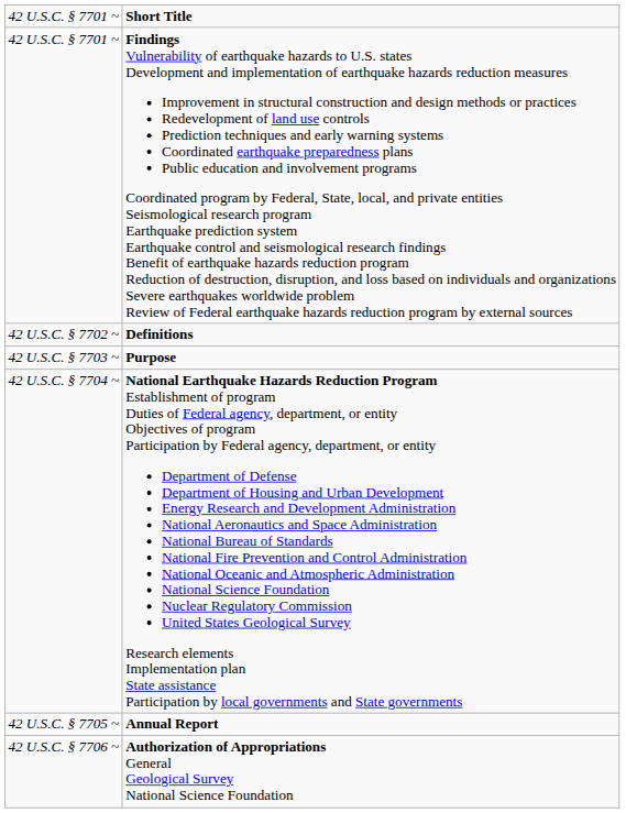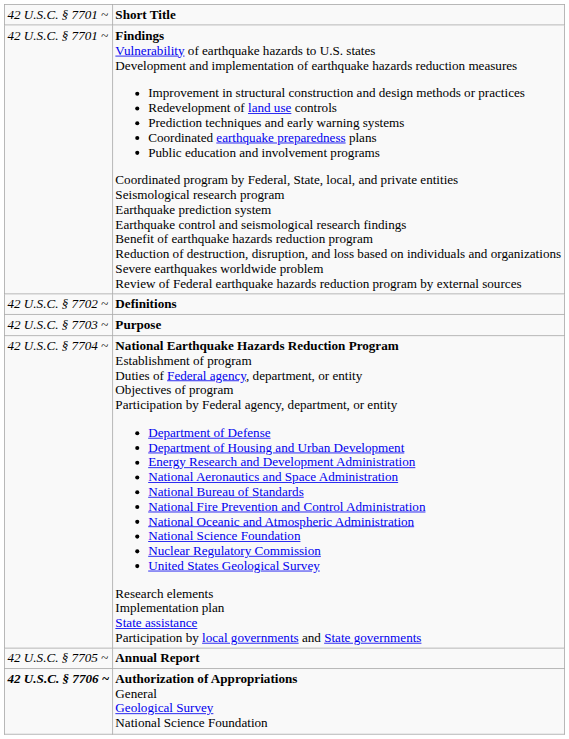 <table class="wikitable">
 <tr>
 <td><em>42 U.S.C. § 7701 ~</em></td>
 <td><strong>Short Title</strong></td>
 </tr>
 <tr>
 <td valign="top"><em>42 U.S.C. § 7701 ~</em></td>
 <td><strong>Findings</strong><br><a href='#'>Vulnerability</a> of earthquake hazards to U.S. states<br>Development and implementation of earthquake hazards reduction measures<br><ul><li>Improvement in structural construction and design methods or practices</li><li>Redevelopment of <a href='#'>land use</a> controls</li><li>Prediction techniques and early warning systems</li><li>Coordinated <a href='#'>earthquake preparedness</a> plans</li><li>Public education and involvement programs</li></ul>Coordinated program by Federal, State, local, and private entities<br>Seismological research program<br>Earthquake prediction system<br>Earthquake control and seismological research findings<br>Benefit of earthquake hazards reduction program<br>Reduction of destruction, disruption, and loss based on individuals and organizations<br>Severe earthquakes worldwide problem<br>Review of Federal earthquake hazards reduction program by external sources</td>
 </tr>
 <tr>
 <td><em>42 U.S.C. § 7702 ~</em></td>
 <td><strong>Definitions</strong></td>
 </tr>
 <tr>
 <td><em>42 U.S.C. § 7703 ~</em></td>
 <td><strong>Purpose</strong></td>
 </tr>
 <tr>
 <td valign="top"><em>42 U.S.C. § 7704 ~</em></td>
 <td><strong>National Earthquake Hazards Reduction Program</strong><br>Establishment of program<br>Duties of <a href='#'>Federal agency</a>, department, or entity<br>Objectives of program<br>Participation by Federal agency, department, or entity<br><ul><li><a href='#'>Department of Defense</a></li><li><a href='#'>Department of Housing and Urban Development</a></li><li><a href='#'>Energy Research and Development Administration</a></li><li><a href='#'>National Aeronautics and Space Administration</a></li><li><a href='#'>National Bureau of Standards</a></li><li><a href='#'>National Fire Prevention and Control Administration</a></li><li><a href='#'>National Oceanic and Atmospheric Administration</a></li><li><a href='#'>National Science Foundation</a></li><li><a href='#'>Nuclear Regulatory Commission</a></li><li><a href='#'>United States Geological Survey</a></li></ul>Research elements<br>Implementation plan<br><a href='#'>State assistance</a><br>Participation by <a href='#'>local governments</a> and <a href='#'>State governments</a></td>
 </tr>
 <tr>
 <td><em>42 U.S.C. § 7705 ~</em></td>
 <td><strong>Annual Report</strong></td>
 </tr>
 <tr>
-<td valign="top"><em>42 U.S.C. § 7706 ~</em></td>
+<td valign="top"><strong><em>42 U.S.C. § 7706 ~</em></strong></td>
 <td><strong>Authorization of Appropriations</strong><br>General<br><a href='#'>Geological Survey</a><br>National Science Foundation</td>
 </tr>
 </table>
